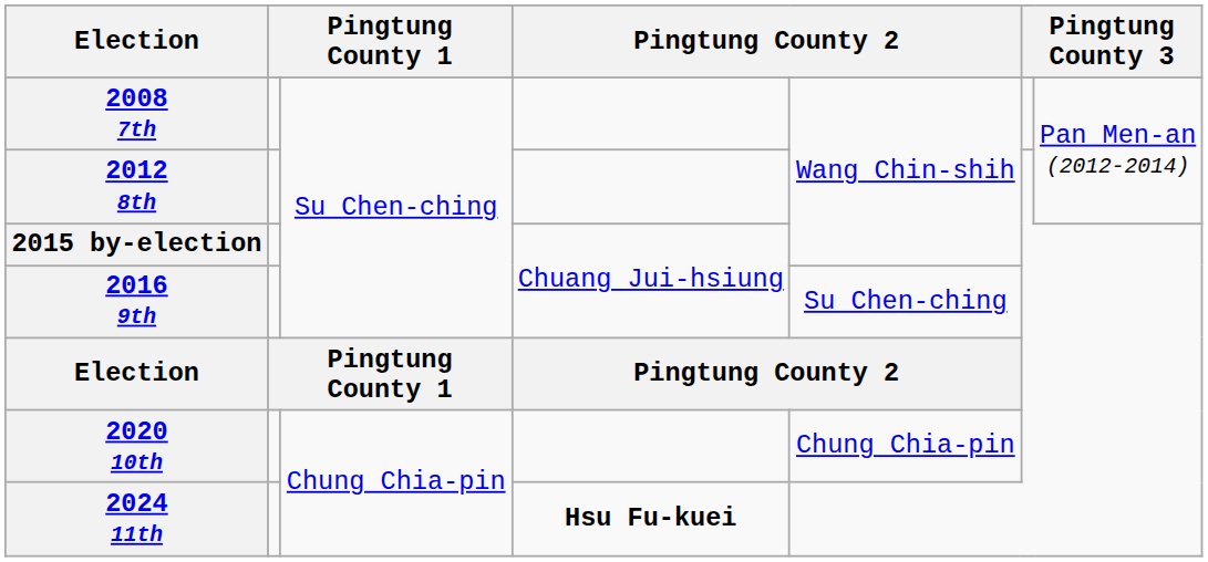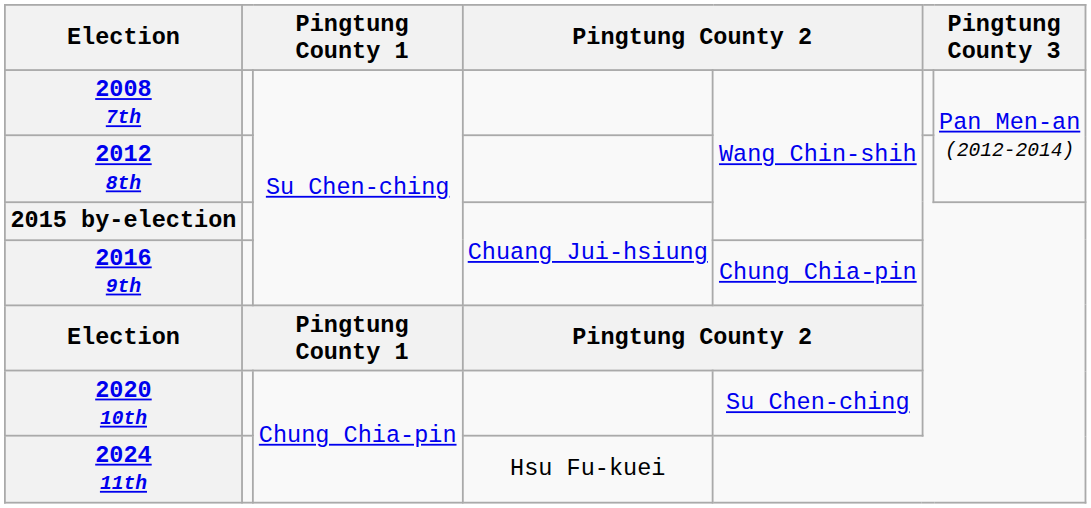 <table class="wikitable" align="center" style="text-align:center">
 <tr>
 <th>Election</th>
 <th colspan="2" width="80px">Pingtung County 1</th>
 <th colspan="2" width="80px">Pingtung County 2</th>
 <th colspan="2" width="80px">Pingtung County 3</th>
 </tr>
 <tr>
 <th><a href='#'>2008</a><br><small><em><a href='#'>7th</a></em></small><br></th>
 <td style="color:inherit;background:"></td>
 <td rowspan=4><a href='#'>Su Chen-ching</a></td>
 <td style="color:inherit;background:"></td>
 <td rowspan=3><a href='#'>Wang Chin-shih</a></td>
 <td style="color:inherit;background:"></td>
 <td rowspan=2><a href='#'>Pan Men-an</a><br><small><em>(2012-2014)</em></small></td>
 </tr>
 <tr>
 <th><a href='#'>2012</a><br><small><em><a href='#'>8th</a></em></small><br></th>
 </tr>
 <tr>
 <th>2015 by-election</th>
 <td style="color:inherit;background:"></td>
 <td rowspan=2><a href='#'>Chuang Jui-hsiung</a></td>
 </tr>
 <tr>
 <th><a href='#'>2016</a><br><small><em><a href='#'>9th</a></em></small><br></th>
 <td style="color:inherit;background:"></td>
-<td><a href='#'>Su Chen-ching</a></td>
+<td><a href='#'>Chung Chia-pin</a></td>
 </tr>
 <tr>
 <th>Election</th>
 <th colspan="2" width="80px">Pingtung County 1</th>
 <th colspan="2" width="80px">Pingtung County 2</th>
 </tr>
 <tr>
 <th><a href='#'>2020</a><br><small><em><a href='#'>10th</a></em></small><br></th>
 <td style="color:inherit;background:"></td>
 <td rowspan=2><a href='#'>Chung Chia-pin</a></td>
 <td style="color:inherit;background:"></td>
-<td><a href='#'>Chung Chia-pin</a></td>
+<td><a href='#'>Su Chen-ching</a></td>
 </tr>
 <tr>
 <th><a href='#'>2024</a><br><small><em><a href='#'>11th</a></em></small><br></th>
 <td style="color:inherit;background:"></td>
-<td><strong>Hsu Fu-kuei</strong></td>
+<td>Hsu Fu-kuei</td>
 </tr>
 </table>
